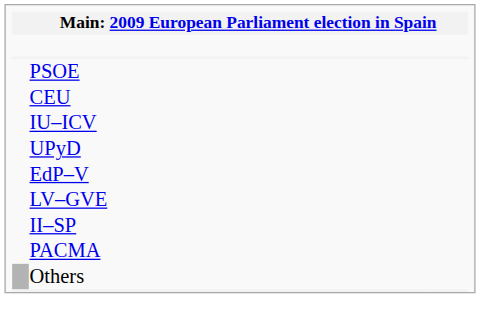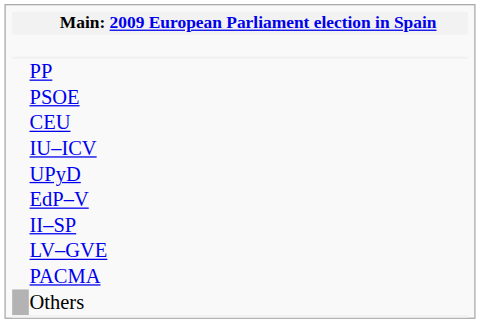 <table class="infobox vcard" cellspacing="0" style="width:23.0em; padding:0.3em; padding-bottom:0em">
 <tr>
 <td style="background:#F2F2F2; vertical-align:middle; padding:0.4em;" width="30px"></td>
 <th colspan="4" style="text-align:center; background:#F2F2F2; font-size:0.85em; width:100%; vertical-align:middle;">Main: <a href='#'>2009 European Parliament election in Spain</a></th>
 </tr>
 <tr>
 <td colspan="5" style="text-align:center; font-size:0.85em; padding:0.5em 0em;">  </td>
 </tr>
 <tr>
 <td colspan="5"></td>
 </tr>
 <tr>
 <td colspan="5"></td>
 </tr>
 <tr>
 <th colspan="2" style="background:#F2F2F2;"></th>
 <th style="background:#F2F2F2;"></th>
 <th style="background:#F2F2F2;"></th>
 <th style="background:#F2F2F2;"></th>
+</tr>
+<tr>
+<td style="background:"></td>
+<td width="85px"><a href='#'>PP</a></td>
+<td width="70px"></td>
+<td width="45px"></td>
+<td width="30px"></td>
 </tr>
 <tr>
 <td style="background:"></td>
 <td><a href='#'>PSOE</a></td>
 <td></td>
 <td></td>
 <td></td>
 </tr>
 <tr>
 <td style="background:"></td>
 <td><a href='#'>CEU</a></td>
 <td></td>
 <td></td>
 <td></td>
 </tr>
 <tr>
 <td style="background:"></td>
 <td><a href='#'>IU–ICV</a></td>
 <td></td>
 <td></td>
 <td></td>
 </tr>
 <tr>
 <td style="background:"></td>
 <td><a href='#'>UPyD</a></td>
 <td></td>
 <td></td>
 <td></td>
 </tr>
 <tr>
 <td style="background:"></td>
 <td><a href='#'>EdP–V</a></td>
 <td></td>
 <td></td>
 <td></td>
 </tr>
 <tr>
 <td style="background:"></td>
-<td><a href='#'>LV–GVE</a></td>
+<td><a href='#'>II–SP</a></td>
 <td></td>
 <td></td>
 <td></td>
 </tr>
 <tr>
 <td style="background:"></td>
-<td><a href='#'>II–SP</a></td>
+<td><a href='#'>LV–GVE</a></td>
 <td></td>
 <td></td>
 <td></td>
 </tr>
 <tr>
 <td style="background:"></td>
 <td><a href='#'>PACMA</a></td>
 <td></td>
 <td></td>
 <td></td>
 </tr>
 <tr>
 <td style="background:#B3B3B3;"></td>
 <td>Others</td>
 <td></td>
 <td></td>
 <td></td>
 </tr>
 <tr>
 <th colspan="2" style="background:#F2F2F2;"></th>
 <th style="background:#F2F2F2;"></th>
 <th style="background:#F2F2F2;"></th>
 <th style="background:#F2F2F2;"></th>
 </tr>
 </table>
